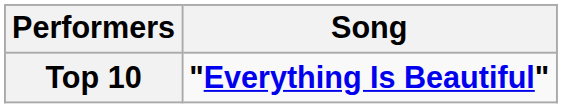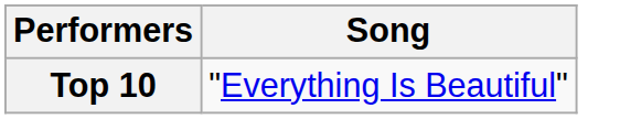 <table class="wikitable unsortable" style="text-align:center;">
 <tr>
 <th scope="col">Performers</th>
 <th scope="col">Song</th>
 </tr>
 <tr>
 <th scope="row">Top 10</th>
-<td><strong>"<a href='#'>Everything Is Beautiful</a>"</strong></td>
+<td>"<a href='#'>Everything Is Beautiful</a>"</td>
 </tr>
 </table>
